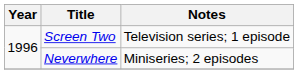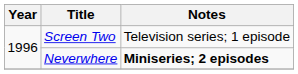 <table class="wikitable plainrowheaders sortable">
 <tr>
 <th scope="col">Year</th>
 <th scope="col">Title</th>
 <th scope="col">Notes</th>
 </tr>
 <tr>
 <td rowspan="2">1996</td>
 <td><em><a href='#'>Screen Two</a></em></td>
 <td>Television series; 1 episode</td>
 </tr>
 <tr>
 <td><em><a href='#'>Neverwhere</a></em></td>
-<td>Miniseries; 2 episodes</td>
+<td><strong>Miniseries; 2 episodes</strong></td>
 </tr>
 <tr>
 </tr>
 </table>
